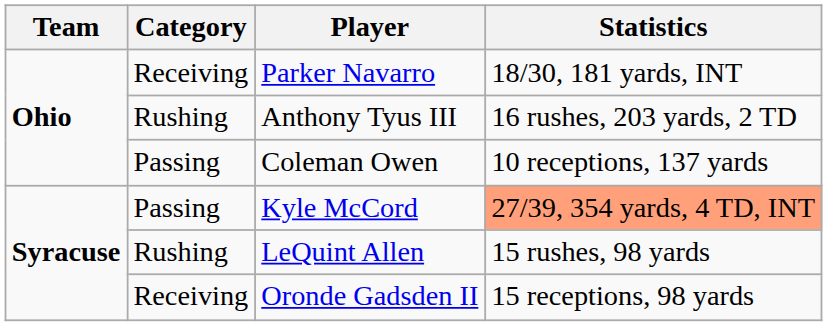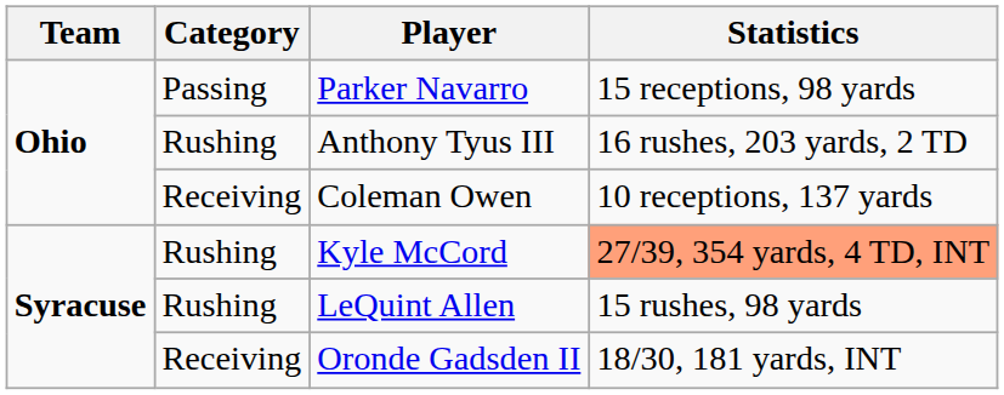 <table class="wikitable" style="float: right;">
 <tr>
 <th>Team</th>
 <th>Category</th>
 <th>Player</th>
 <th>Statistics</th>
 </tr>
 <tr>
 <td rowspan=3><strong>Ohio</strong></td>
-<td>Receiving</td>
+<td>Passing</td>
 <td><a href='#'>Parker Navarro</a></td>
-<td>18/30, 181 yards, INT</td>
+<td>15 receptions, 98 yards</td>
 </tr>
 <tr>
 <td>Rushing</td>
 <td>Anthony Tyus III</td>
 <td>16 rushes, 203 yards, 2 TD</td>
 </tr>
 <tr>
-<td>Passing</td>
+<td>Receiving</td>
 <td>Coleman Owen</td>
 <td>10 receptions, 137 yards</td>
 </tr>
 <tr>
 <td rowspan=3><strong>Syracuse</strong></td>
-<td>Passing</td>
+<td>Rushing</td>
 <td><a href='#'>Kyle McCord</a></td>
 <td style="background: lightsalmon;">27/39, 354 yards, 4 TD, INT</td>
 </tr>
 <tr>
 <td>Rushing</td>
 <td><a href='#'>LeQuint Allen</a></td>
 <td>15 rushes, 98 yards</td>
 </tr>
 <tr>
 <td>Receiving</td>
 <td><a href='#'>Oronde Gadsden II</a></td>
-<td>15 receptions, 98 yards</td>
+<td>18/30, 181 yards, INT</td>
 </tr>
 </table>
